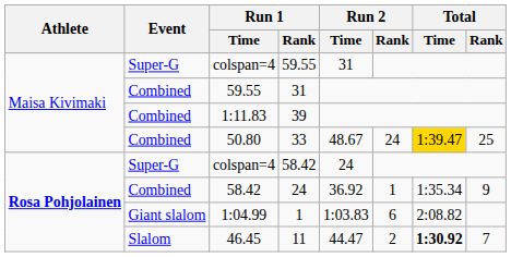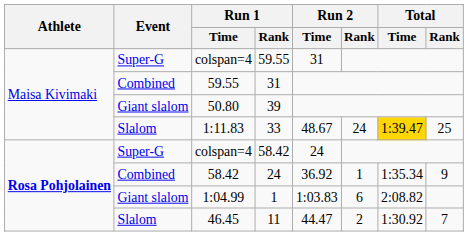 <table class="wikitable" style="font-size:90%">
 <tr>
 <th rowspan=2>Athlete</th>
 <th rowspan=2>Event</th>
 <th colspan=2>Run 1</th>
 <th colspan=2>Run 2</th>
 <th colspan=2>Total</th>
 </tr>
 <tr style="font-size:95%">
 <th>Time</th>
 <th>Rank</th>
 <th>Time</th>
 <th>Rank</th>
 <th>Time</th>
 <th>Rank</th>
 </tr>
 <tr align=center>
 <td align="left" rowspan="4"><a href='#'>Maisa Kivimaki</a></td>
 <td align="left"><a href='#'>Super-G</a></td>
 <td>colspan=4</td>
 <td>59.55</td>
 <td>31</td>
 </tr>
 <tr align=center>
 <td align="left"><a href='#'>Combined</a></td>
 <td>59.55</td>
 <td>31</td>
 <td colspan=4></td>
 </tr>
 <tr align=center>
-<td align="left"><a href='#'>Combined</a></td>
-<td>1:11.83</td>
+<td align="left"><a href='#'>Giant slalom</a></td>
+<td>50.80</td>
 <td>39</td>
 <td colspan=4></td>
 </tr>
 <tr align=center>
-<td align="left"><a href='#'>Combined</a></td>
-<td>50.80</td>
+<td align="left"><a href='#'>Slalom</a></td>
+<td>1:11.83</td>
 <td>33</td>
 <td>48.67</td>
 <td>24</td>
 <td style="background: gold;">1:39.47</td>
 <td>25</td>
 </tr>
 <tr align=center>
 <td align="left" rowspan="4"><strong><a href='#'>Rosa Pohjolainen</a></strong></td>
 <td align="left"><a href='#'>Super-G</a></td>
 <td>colspan=4</td>
 <td>58.42</td>
 <td>24</td>
 </tr>
 <tr align=center>
 <td align="left"><a href='#'>Combined</a></td>
 <td>58.42</td>
 <td>24</td>
 <td>36.92</td>
 <td>1</td>
 <td>1:35.34</td>
 <td>9</td>
 </tr>
 <tr align=center>
 <td align="left"><a href='#'>Giant slalom</a></td>
 <td>1:04.99</td>
 <td>1</td>
 <td>1:03.83</td>
 <td>6</td>
 <td>2:08.82</td>
 <td><strong></strong></td>
 </tr>
 <tr align=center>
 <td align="left"><a href='#'>Slalom</a></td>
 <td>46.45</td>
 <td>11</td>
 <td>44.47</td>
 <td>2</td>
-<td><strong>1:30.92</strong></td>
+<td>1:30.92</td>
 <td>7</td>
 </tr>
 </table>
